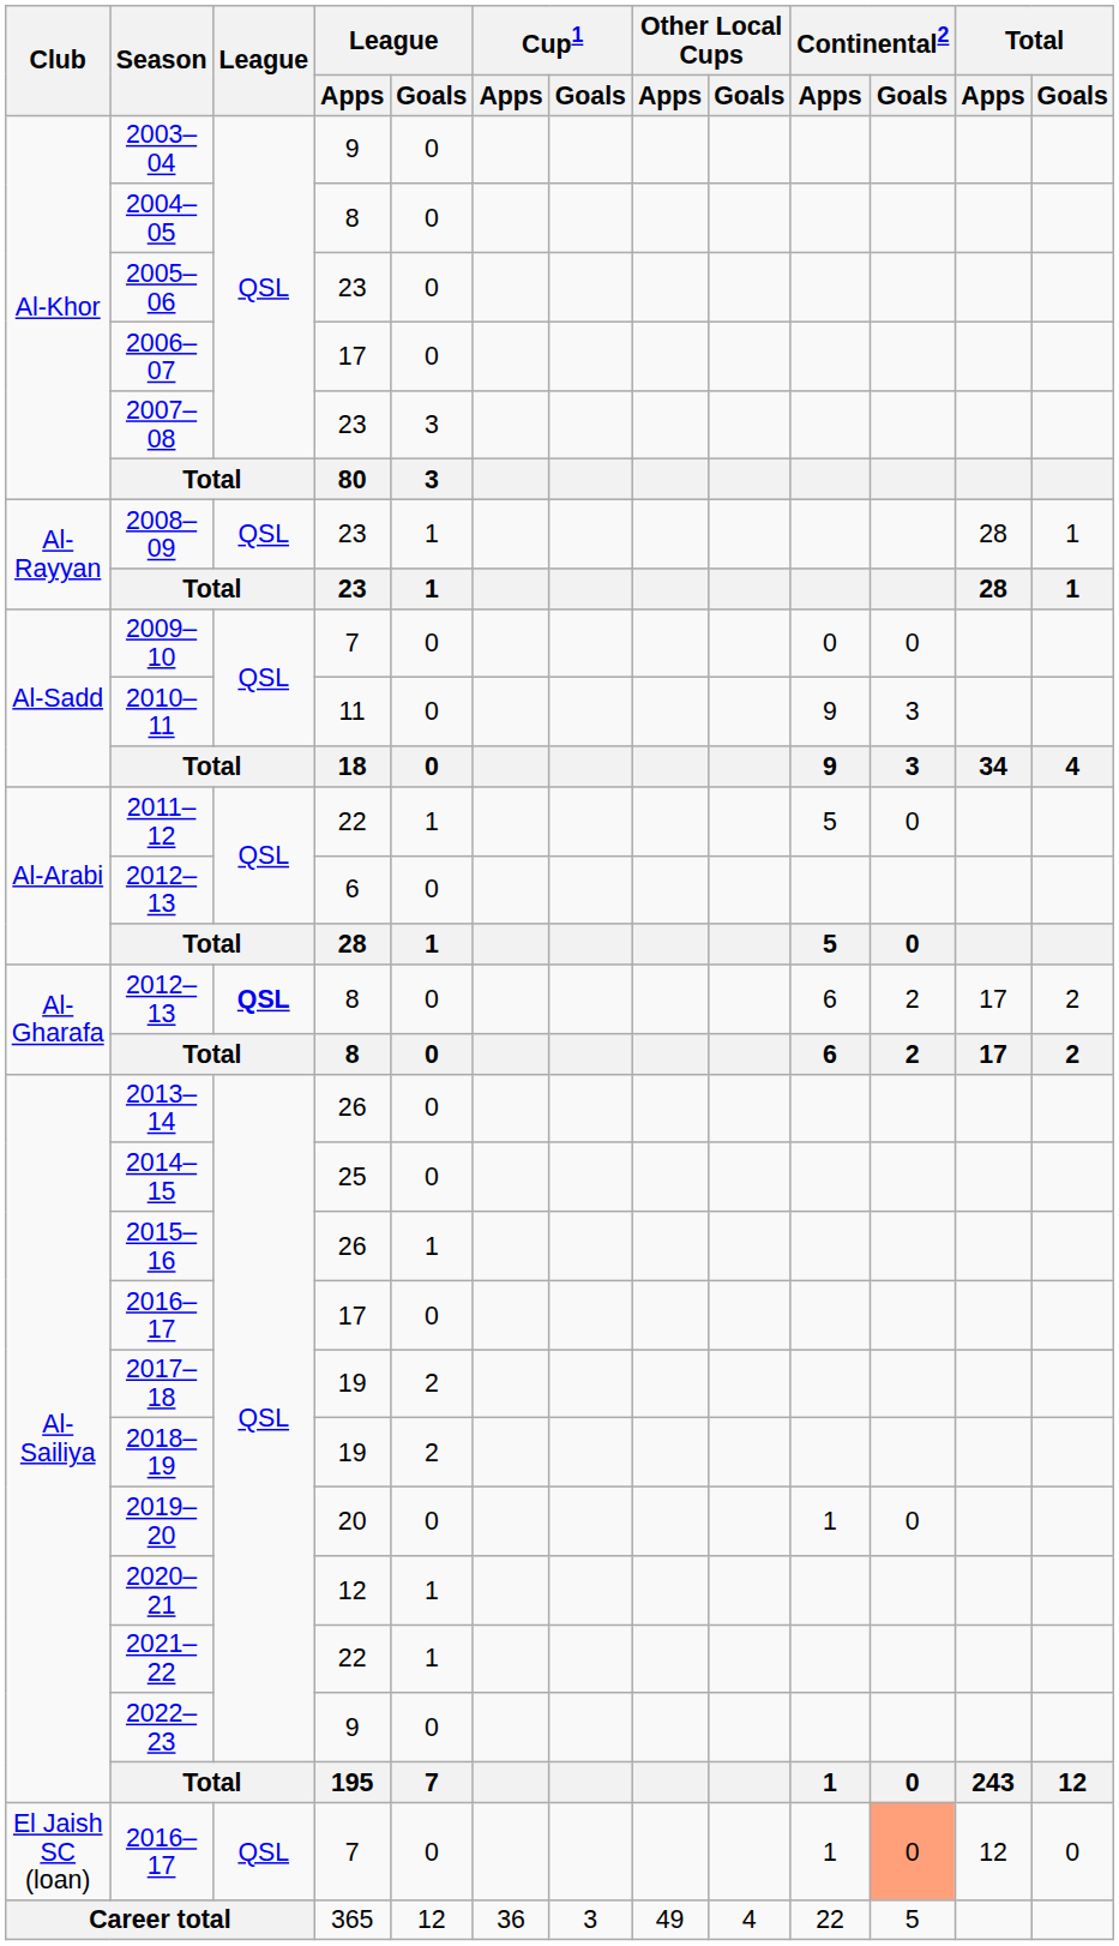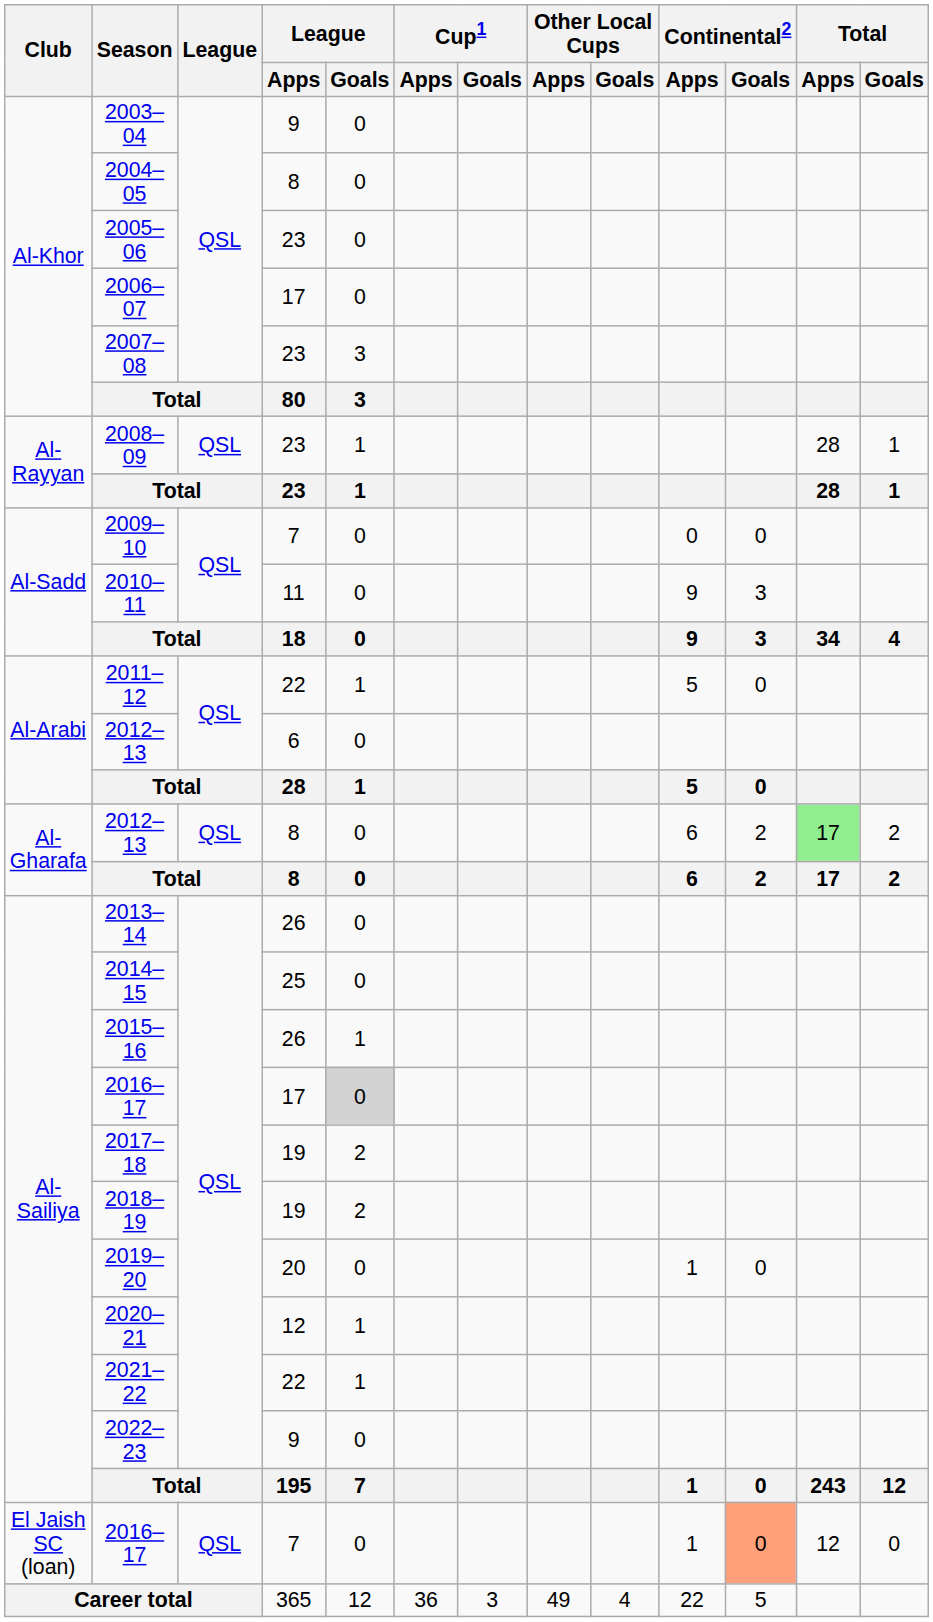 <table class="wikitable" style="font-size:90%; text-align:center;">
 <tr>
 <th rowspan="2">Club</th>
 <th rowspan="2">Season</th>
 <th rowspan="2">League</th>
 <th colspan="2">League</th>
 <th colspan="2">Cup<sup><a href='#'>1</a></sup></th>
 <th colspan="2">Other Local Cups</th>
 <th colspan="2">Continental<sup><a href='#'>2</a></sup></th>
 <th colspan="2">Total</th>
 </tr>
 <tr>
 <th>Apps</th>
 <th>Goals</th>
 <th>Apps</th>
 <th>Goals</th>
 <th>Apps</th>
 <th>Goals</th>
 <th>Apps</th>
 <th>Goals</th>
 <th>Apps</th>
 <th>Goals</th>
 </tr>
 <tr>
 <td rowspan="6"><a href='#'>Al-Khor</a></td>
 <td><a href='#'>2003–04</a></td>
 <td rowspan="5" valign="center"><a href='#'>QSL</a></td>
 <td>9</td>
 <td>0</td>
 <td></td>
 <td></td>
 <td></td>
 <td></td>
 <td></td>
 <td></td>
 <td></td>
 <td></td>
 </tr>
 <tr>
 <td><a href='#'>2004–05</a></td>
 <td>8</td>
 <td>0</td>
 <td></td>
 <td></td>
 <td></td>
 <td></td>
 <td></td>
 <td></td>
 <td></td>
 <td></td>
 </tr>
 <tr>
 <td><a href='#'>2005–06</a></td>
 <td>23</td>
 <td>0</td>
 <td></td>
 <td></td>
 <td></td>
 <td></td>
 <td></td>
 <td></td>
 <td></td>
 <td></td>
 </tr>
 <tr>
 <td><a href='#'>2006–07</a></td>
 <td>17</td>
 <td>0</td>
 <td></td>
 <td></td>
 <td></td>
 <td></td>
 <td></td>
 <td></td>
 <td></td>
 <td></td>
 </tr>
 <tr>
 <td><a href='#'>2007–08</a></td>
 <td>23</td>
 <td>3</td>
 <td></td>
 <td></td>
 <td></td>
 <td></td>
 <td></td>
 <td></td>
 <td></td>
 <td></td>
 </tr>
 <tr>
 <th colspan="2">Total</th>
 <th>80</th>
 <th>3</th>
 <th></th>
 <th></th>
 <th></th>
 <th></th>
 <th></th>
 <th></th>
 <th></th>
 <th></th>
 </tr>
 <tr>
 <td rowspan="2"><a href='#'>Al-Rayyan</a></td>
 <td><a href='#'>2008–09</a></td>
 <td><a href='#'>QSL</a></td>
 <td>23</td>
 <td>1</td>
 <td></td>
 <td></td>
 <td></td>
 <td></td>
 <td></td>
 <td></td>
 <td>28</td>
 <td>1</td>
 </tr>
 <tr>
 <th colspan="2">Total</th>
 <th>23</th>
 <th>1</th>
 <th></th>
 <th></th>
 <th></th>
 <th></th>
 <th></th>
 <th></th>
 <th>28</th>
 <th>1</th>
 </tr>
 <tr>
 <td rowspan="3"><a href='#'>Al-Sadd</a></td>
 <td><a href='#'>2009–10</a></td>
 <td rowspan="2" valign="center"><a href='#'>QSL</a></td>
 <td>7</td>
 <td>0</td>
 <td></td>
 <td></td>
 <td></td>
 <td></td>
 <td>0</td>
 <td>0</td>
 <td></td>
 <td></td>
 </tr>
 <tr>
 <td><a href='#'>2010–11</a></td>
 <td>11</td>
 <td>0</td>
 <td></td>
 <td></td>
 <td></td>
 <td></td>
 <td>9</td>
 <td>3</td>
 <td></td>
 <td></td>
 </tr>
 <tr>
 <th colspan="2">Total</th>
 <th>18</th>
 <th>0</th>
 <th></th>
 <th></th>
 <th></th>
 <th></th>
 <th>9</th>
 <th>3</th>
 <th>34</th>
 <th>4</th>
 </tr>
 <tr>
 <td rowspan="3"><a href='#'>Al-Arabi</a></td>
 <td><a href='#'>2011–12</a></td>
 <td rowspan="2" valign="center"><a href='#'>QSL</a></td>
 <td>22</td>
 <td>1</td>
 <td></td>
 <td></td>
 <td></td>
 <td></td>
 <td>5</td>
 <td>0</td>
 <td></td>
 <td></td>
 </tr>
 <tr>
 <td><a href='#'>2012–13</a></td>
 <td>6</td>
 <td>0</td>
 <td></td>
 <td></td>
 <td></td>
 <td></td>
 <td></td>
 <td></td>
 <td></td>
 <td></td>
 </tr>
 <tr>
 <th colspan="2">Total</th>
 <th>28</th>
 <th>1</th>
 <th></th>
 <th></th>
 <th></th>
 <th></th>
 <th>5</th>
 <th>0</th>
 <th></th>
 <th></th>
 </tr>
 <tr>
 <td rowspan="2"><a href='#'>Al-Gharafa</a></td>
 <td><a href='#'>2012–13</a></td>
-<td rowspan="1" valign="center"><strong><a href='#'>QSL</a></strong></td>
+<td rowspan="1" valign="center"><a href='#'>QSL</a></td>
 <td>8</td>
 <td>0</td>
 <td></td>
 <td></td>
 <td></td>
 <td></td>
 <td>6</td>
 <td>2</td>
-<td>17</td>
+<td style="background: lightgreen;">17</td>
 <td>2</td>
 </tr>
 <tr>
 <th colspan="2">Total</th>
 <th>8</th>
 <th>0</th>
 <th></th>
 <th></th>
 <th></th>
 <th></th>
 <th>6</th>
 <th>2</th>
 <th>17</th>
 <th>2</th>
 </tr>
 <tr>
 <td rowspan="11"><a href='#'>Al-Sailiya</a></td>
 <td><a href='#'>2013–14</a></td>
 <td rowspan="10" valign="center"><a href='#'>QSL</a></td>
 <td>26</td>
 <td>0</td>
 <td></td>
 <td></td>
 <td></td>
 <td></td>
 <td></td>
 <td></td>
 <td></td>
 <td></td>
 </tr>
 <tr>
 <td><a href='#'>2014–15</a></td>
 <td>25</td>
 <td>0</td>
 <td></td>
 <td></td>
 <td></td>
 <td></td>
 <td></td>
 <td></td>
 <td></td>
 <td></td>
 </tr>
 <tr>
 <td><a href='#'>2015–16</a></td>
 <td>26</td>
 <td>1</td>
 <td></td>
 <td></td>
 <td></td>
 <td></td>
 <td></td>
 <td></td>
 <td></td>
 <td></td>
 </tr>
 <tr>
 <td><a href='#'>2016–17</a></td>
 <td>17</td>
-<td>0</td>
+<td style="background: lightgrey;">0</td>
 <td></td>
 <td></td>
 <td></td>
 <td></td>
 <td></td>
 <td></td>
 <td></td>
 <td></td>
 </tr>
 <tr>
 <td><a href='#'>2017–18</a></td>
 <td>19</td>
 <td>2</td>
 <td></td>
 <td></td>
 <td></td>
 <td></td>
 <td></td>
 <td></td>
 <td></td>
 <td></td>
 </tr>
 <tr>
 <td><a href='#'>2018–19</a></td>
 <td>19</td>
 <td>2</td>
 <td></td>
 <td></td>
 <td></td>
 <td></td>
 <td></td>
 <td></td>
 <td></td>
 <td></td>
 </tr>
 <tr>
 <td><a href='#'>2019–20</a></td>
 <td>20</td>
 <td>0</td>
 <td></td>
 <td></td>
 <td></td>
 <td></td>
 <td>1</td>
 <td>0</td>
 <td></td>
 <td></td>
 </tr>
 <tr>
 <td><a href='#'>2020–21</a></td>
 <td>12</td>
 <td>1</td>
 <td></td>
 <td></td>
 <td></td>
 <td></td>
 <td></td>
 <td></td>
 <td></td>
 <td></td>
 </tr>
 <tr>
 <td><a href='#'>2021–22</a></td>
 <td>22</td>
 <td>1</td>
 <td></td>
 <td></td>
 <td></td>
 <td></td>
 <td></td>
 <td></td>
 <td></td>
 <td></td>
 </tr>
 <tr>
 <td><a href='#'>2022–23</a></td>
 <td>9</td>
 <td>0</td>
 <td></td>
 <td></td>
 <td></td>
 <td></td>
 <td></td>
 <td></td>
 <td></td>
 <td></td>
 </tr>
 <tr>
 <th colspan="2">Total</th>
 <th>195</th>
 <th>7</th>
 <th></th>
 <th></th>
 <th></th>
 <th></th>
 <th>1</th>
 <th>0</th>
 <th>243</th>
 <th>12</th>
 </tr>
 <tr>
 <td rowspan="1"><a href='#'>El Jaish SC</a> (loan)</td>
 <td><a href='#'>2016–17</a></td>
 <td><a href='#'>QSL</a></td>
 <td>7</td>
 <td>0</td>
 <td></td>
 <td></td>
 <td></td>
 <td></td>
 <td>1</td>
 <td style="background: lightsalmon;">0</td>
 <td>12</td>
 <td>0</td>
 </tr>
 <tr>
 <th colspan="3">Career total</th>
 <td>365</td>
 <td>12</td>
 <td>36</td>
 <td>3</td>
 <td>49</td>
 <td>4</td>
 <td>22</td>
 <td>5</td>
 <td></td>
 <td></td>
 </tr>
 </table>
